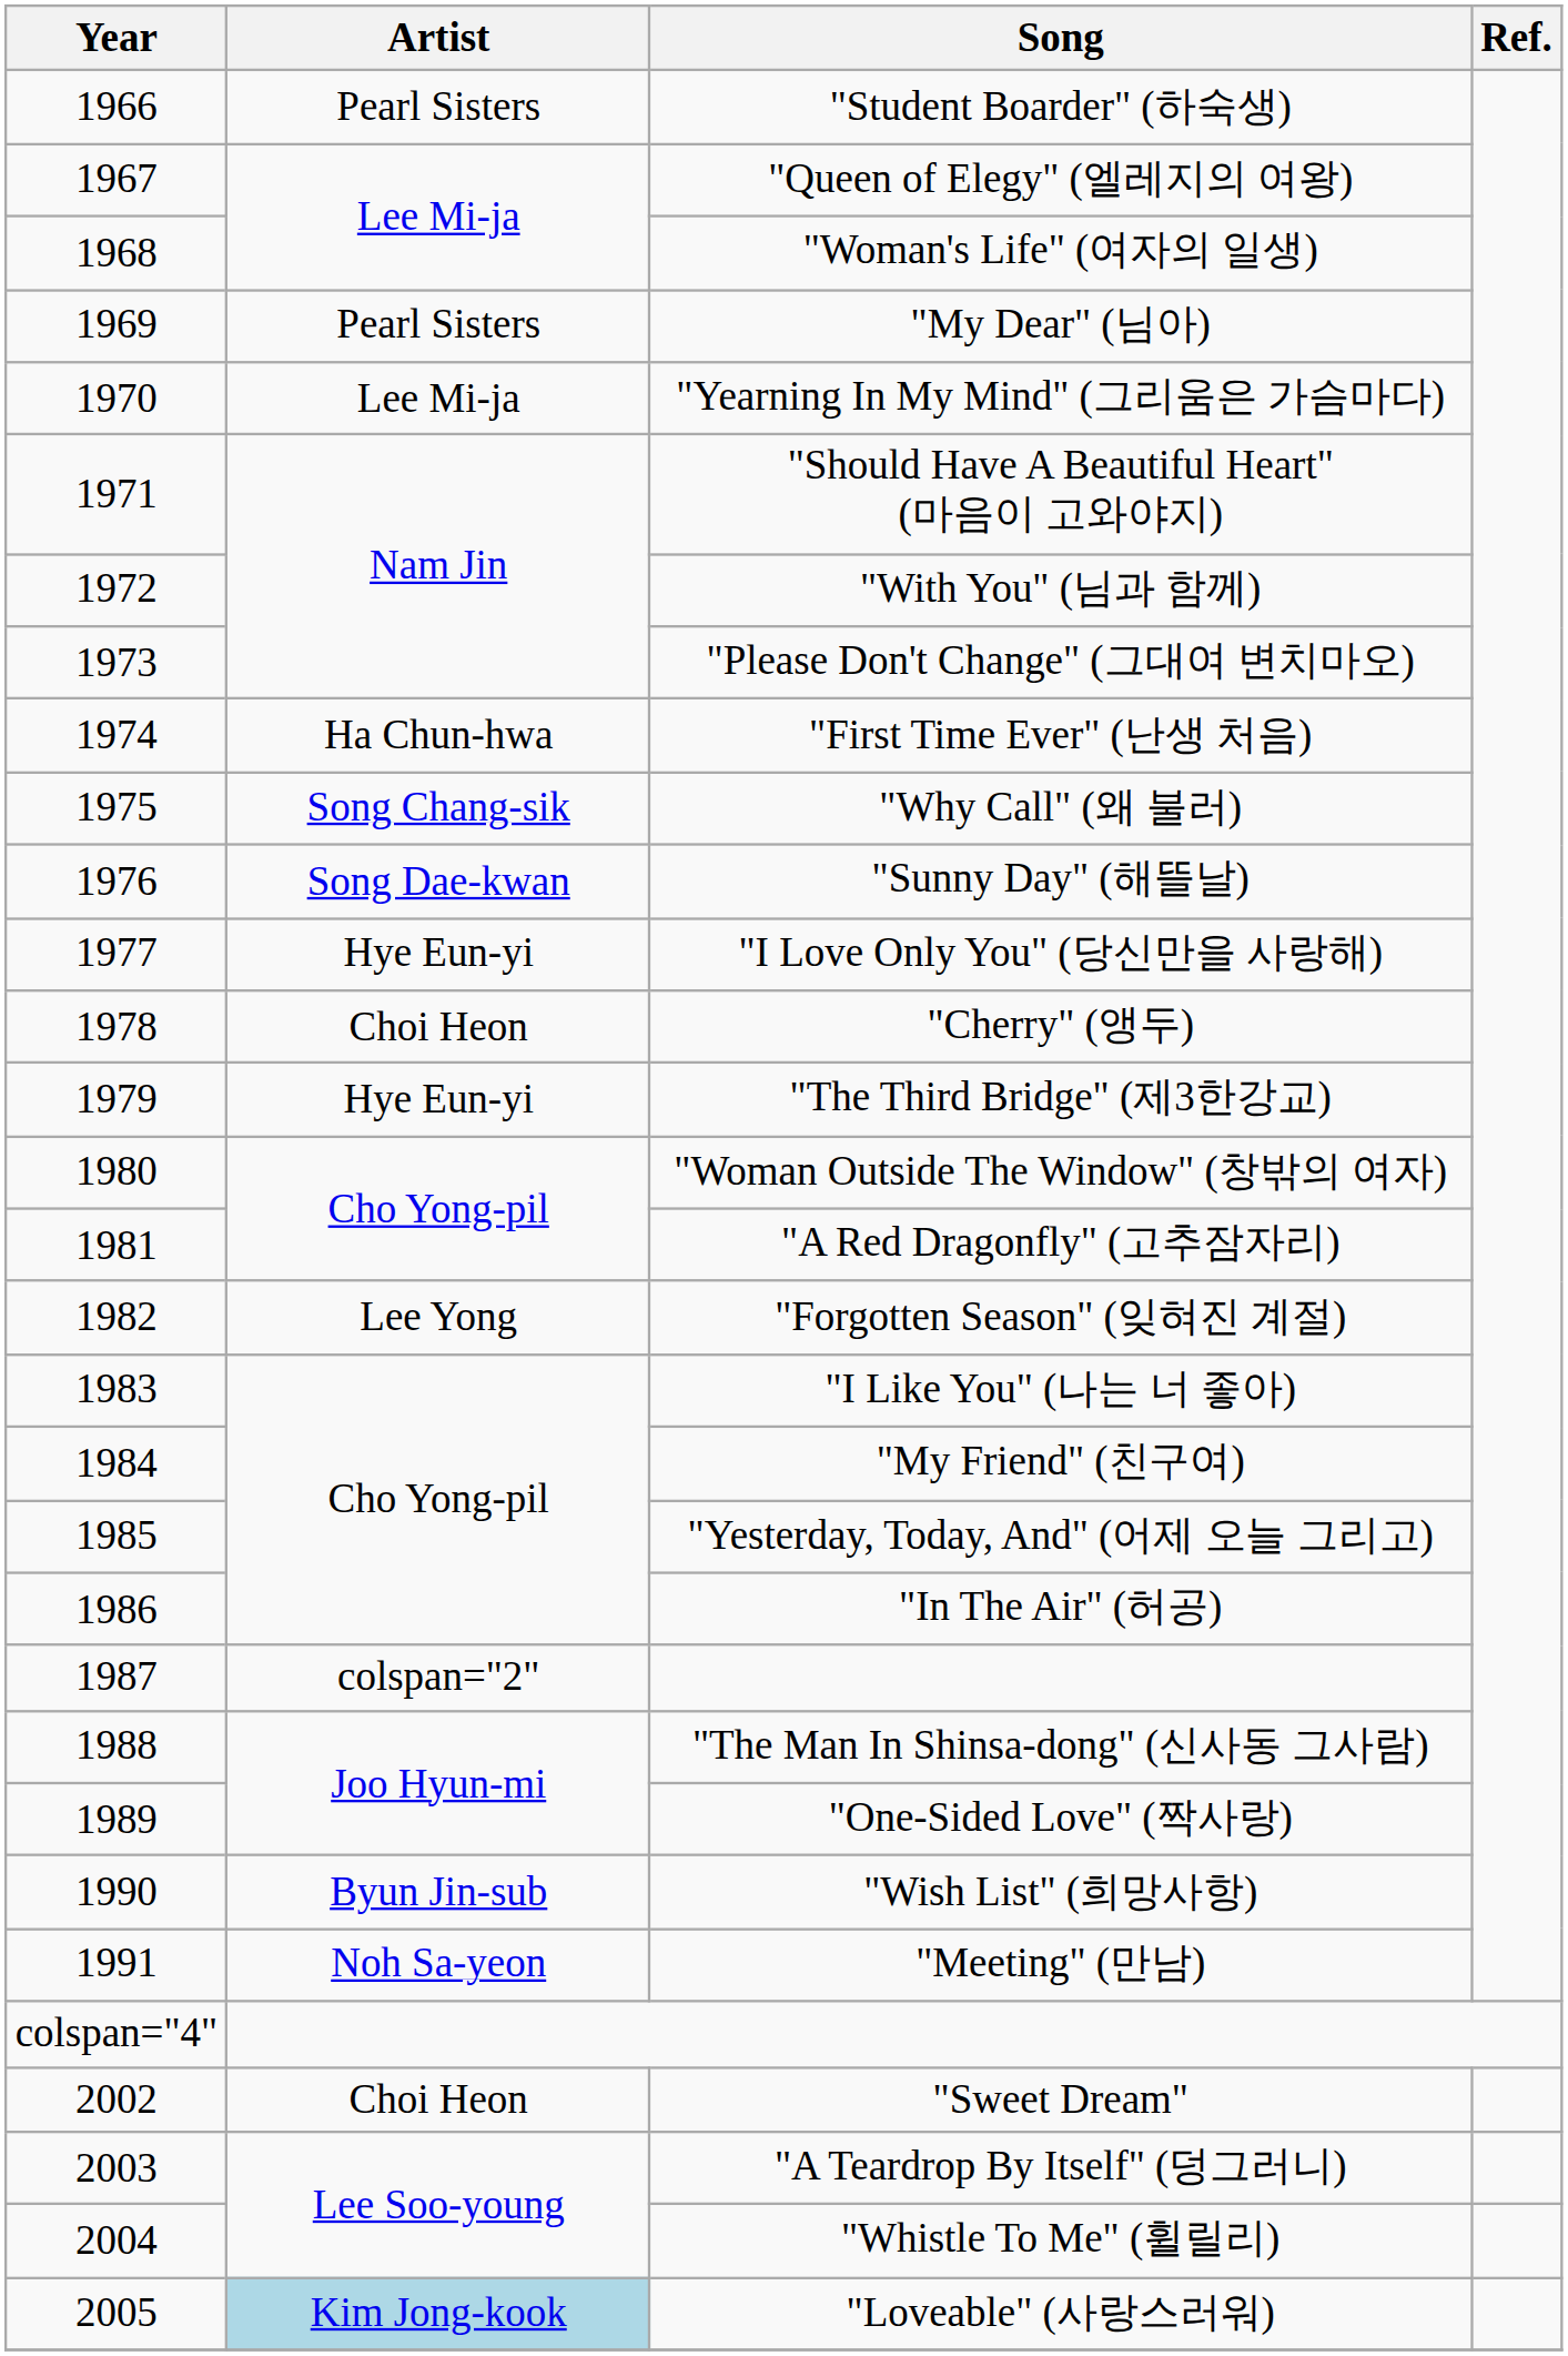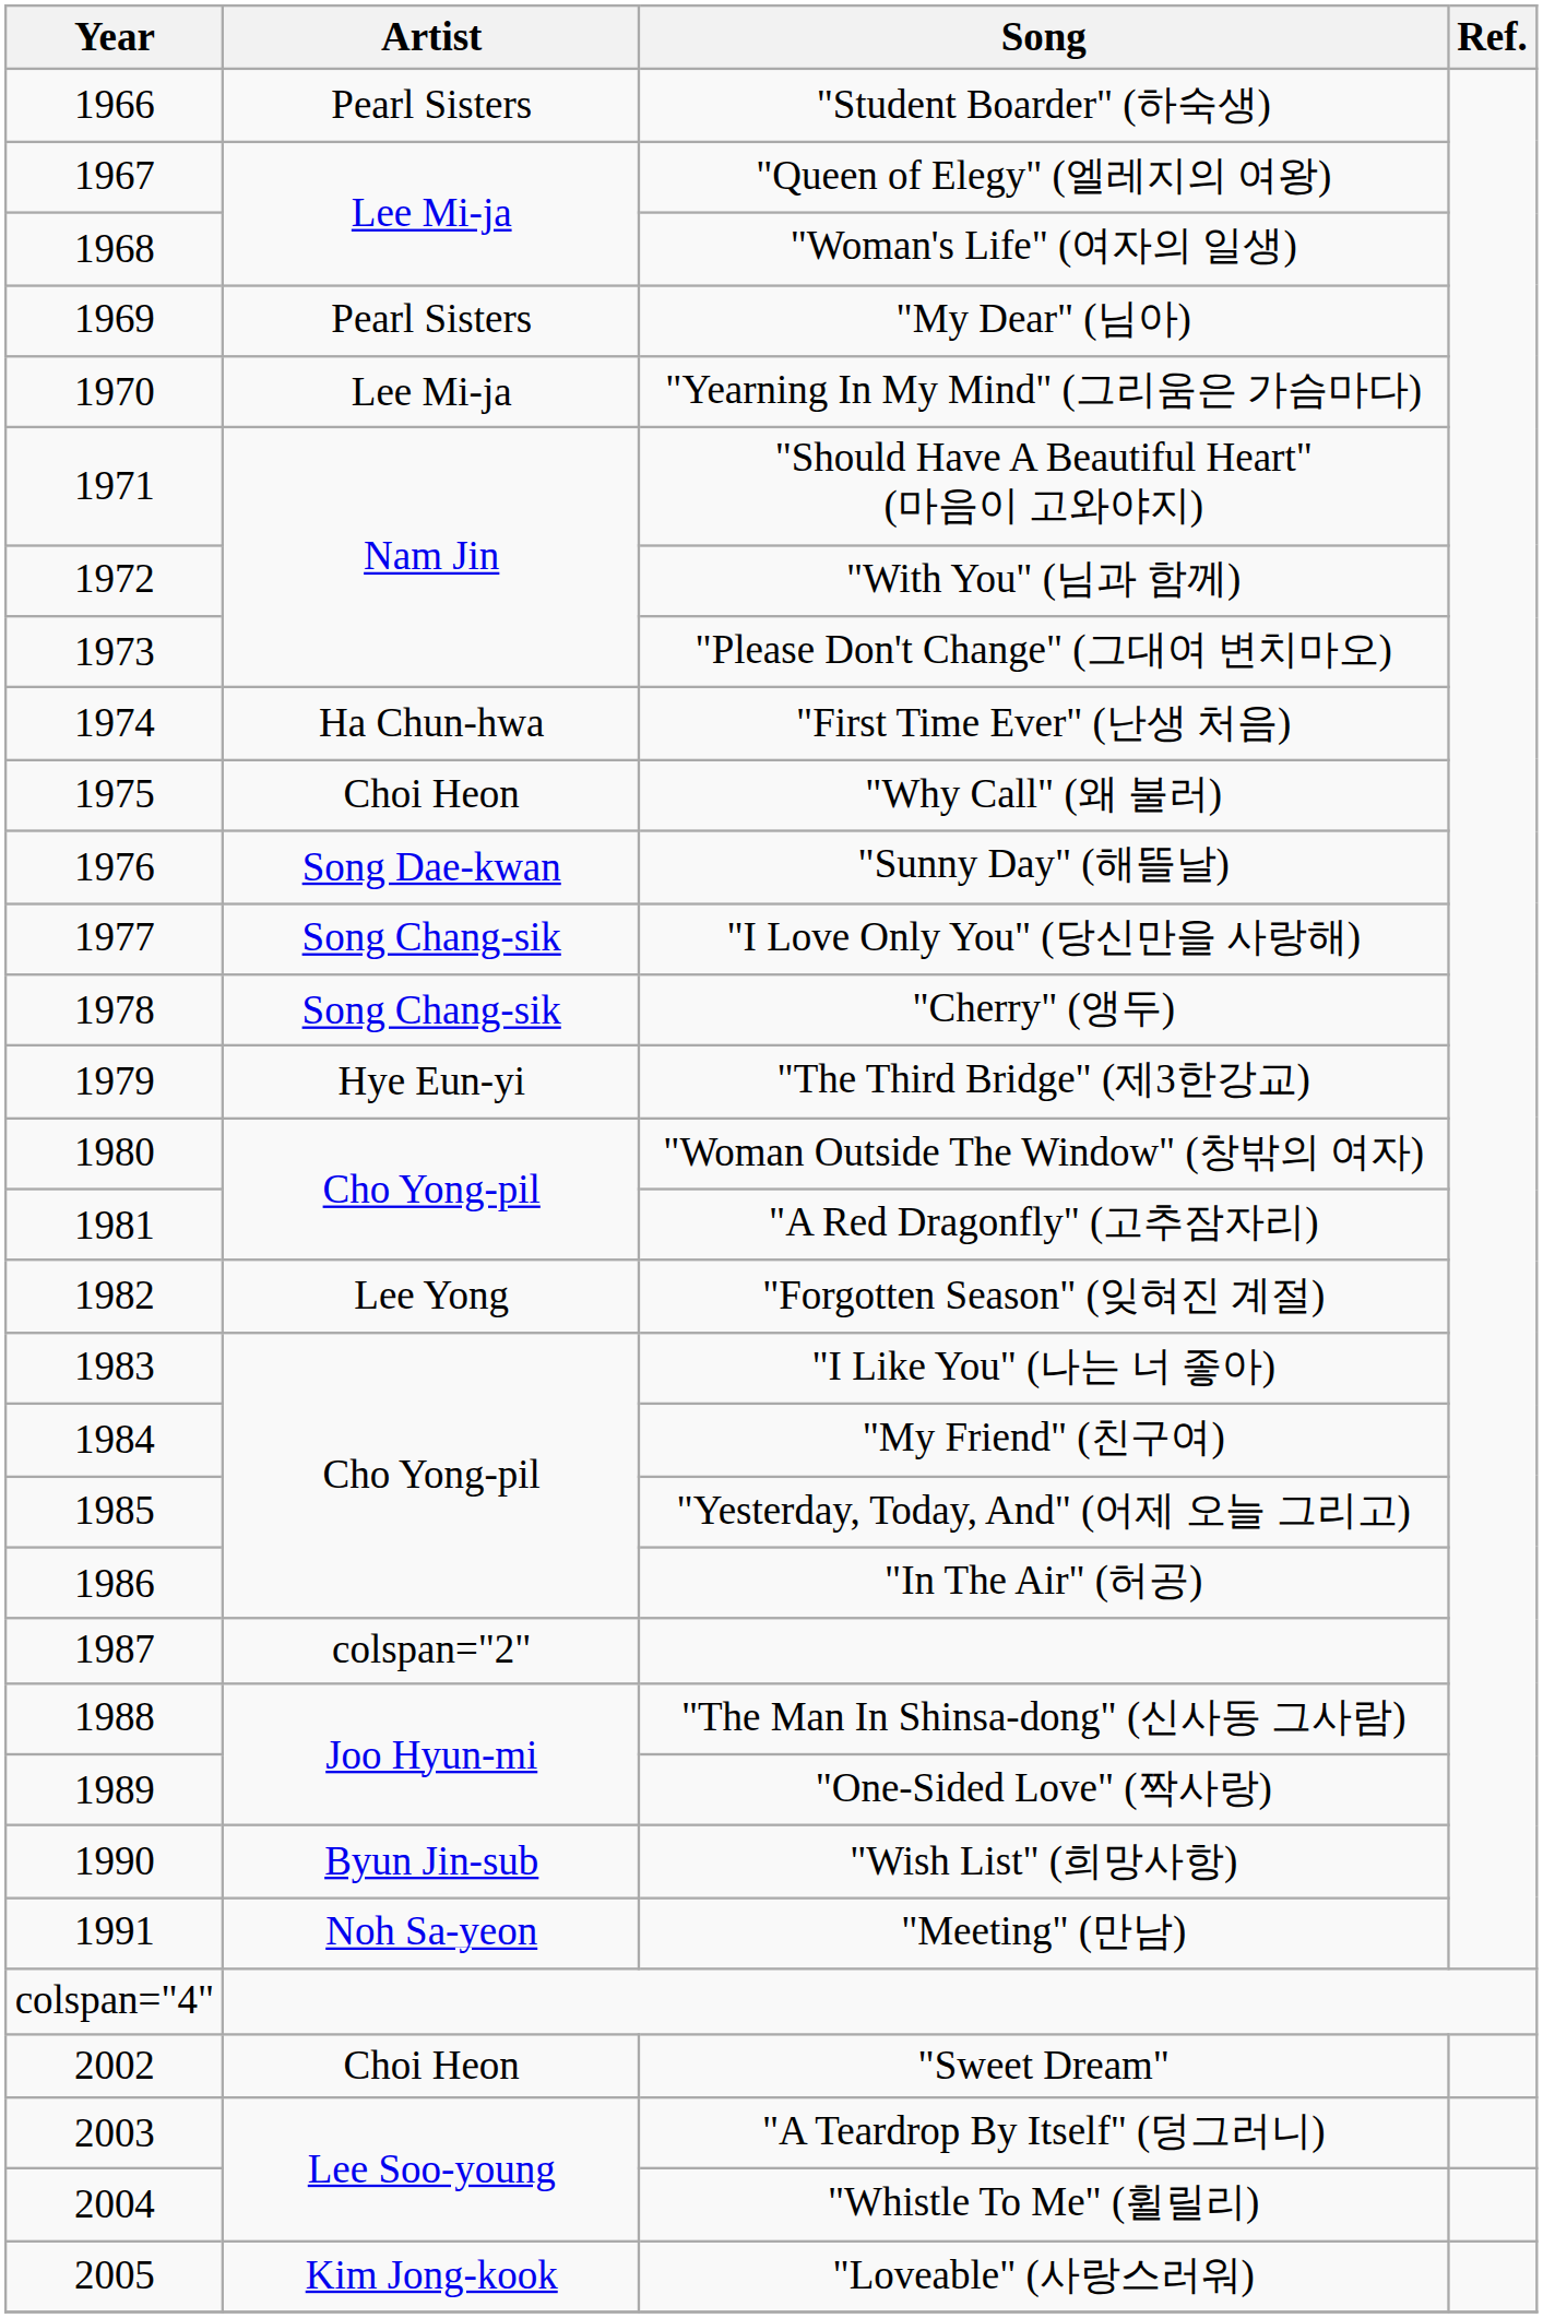 <table class="wikitable plainrowheaders" style="text-align:center;">
 <tr>
 <th style="width:2.5em">Year</th>
 <th style="width:10em">Artist</th>
 <th style="width:20em">Song</th>
 <th>Ref.</th>
 </tr>
 <tr>
 <td>1966</td>
 <td>Pearl Sisters</td>
 <td>"Student Boarder" (하숙생)</td>
 <td rowspan="26"></td>
 </tr>
 <tr>
 <td>1967</td>
 <td rowspan="2"><a href='#'>Lee Mi-ja</a></td>
 <td>"Queen of Elegy" (엘레지의 여왕)</td>
 </tr>
 <tr>
 <td>1968</td>
 <td>"Woman's Life" (여자의 일생)</td>
 </tr>
 <tr>
 <td>1969</td>
 <td>Pearl Sisters</td>
 <td>"My Dear" (님아)</td>
 </tr>
 <tr>
 <td>1970</td>
 <td>Lee Mi-ja</td>
 <td>"Yearning In My Mind" (그리움은 가슴마다)</td>
 </tr>
 <tr>
 <td>1971</td>
 <td rowspan="3"><a href='#'>Nam Jin</a></td>
 <td>"Should Have A Beautiful Heart"<br>(마음이 고와야지)</td>
 </tr>
 <tr>
 <td>1972</td>
 <td>"With You" (님과 함께)</td>
 </tr>
 <tr>
 <td>1973</td>
 <td>"Please Don't Change" (그대여 변치마오)</td>
 </tr>
 <tr>
 <td>1974</td>
 <td>Ha Chun-hwa</td>
 <td>"First Time Ever" (난생 처음)</td>
 </tr>
 <tr>
 <td>1975</td>
-<td><a href='#'>Song Chang-sik</a></td>
+<td>Choi Heon</td>
 <td>"Why Call" (왜 불러)</td>
 </tr>
 <tr>
 <td>1976</td>
 <td><a href='#'>Song Dae-kwan</a></td>
 <td>"Sunny Day" (해뜰날)</td>
 </tr>
 <tr>
 <td>1977</td>
-<td>Hye Eun-yi</td>
+<td><a href='#'>Song Chang-sik</a></td>
 <td>"I Love Only You" (당신만을 사랑해)</td>
 </tr>
 <tr>
 <td>1978</td>
-<td>Choi Heon</td>
+<td><a href='#'>Song Chang-sik</a></td>
 <td>"Cherry" (앵두)</td>
 </tr>
 <tr>
 <td>1979</td>
 <td>Hye Eun-yi</td>
 <td>"The Third Bridge" (제3한강교)</td>
 </tr>
 <tr>
 <td>1980</td>
 <td rowspan="2"><a href='#'>Cho Yong-pil</a></td>
 <td>"Woman Outside The Window" (창밖의 여자)</td>
 </tr>
 <tr>
 <td>1981</td>
 <td>"A Red Dragonfly" (고추잠자리)</td>
 </tr>
 <tr>
 <td>1982</td>
 <td>Lee Yong</td>
 <td>"Forgotten Season" (잊혀진 계절)</td>
 </tr>
 <tr>
 <td>1983</td>
 <td rowspan="4">Cho Yong-pil</td>
 <td>"I Like You" (나는 너 좋아)</td>
 </tr>
 <tr>
 <td>1984</td>
 <td>"My Friend" (친구여)</td>
 </tr>
 <tr>
 <td>1985</td>
 <td>"Yesterday, Today, And" (어제 오늘 그리고)</td>
 </tr>
 <tr>
 <td>1986</td>
 <td>"In The Air" (허공)</td>
 </tr>
 <tr>
 <td>1987</td>
 <td>colspan="2" </td>
 </tr>
 <tr>
 <td>1988</td>
 <td rowspan="2"><a href='#'>Joo Hyun-mi</a></td>
 <td>"The Man In Shinsa-dong" (신사동 그사람)</td>
 </tr>
 <tr>
 <td>1989</td>
 <td>"One-Sided Love" (짝사랑)</td>
 </tr>
 <tr>
 <td>1990</td>
 <td><a href='#'>Byun Jin-sub</a></td>
 <td>"Wish List" (희망사항)</td>
 </tr>
 <tr>
 <td>1991</td>
 <td><a href='#'>Noh Sa-yeon</a></td>
 <td>"Meeting" (만남)</td>
 </tr>
 <tr>
 <td>colspan="4" </td>
 </tr>
 <tr>
 <td>2002</td>
 <td>Choi Heon</td>
 <td>"Sweet Dream"</td>
 <td></td>
 </tr>
 <tr>
 <td>2003</td>
 <td rowspan="2"><a href='#'>Lee Soo-young</a></td>
 <td>"A Teardrop By Itself" (덩그러니)</td>
 <td></td>
 </tr>
 <tr>
 <td>2004</td>
 <td>"Whistle To Me" (휠릴리)</td>
 <td></td>
 </tr>
 <tr>
 <td>2005</td>
-<td style="background: lightblue;"><a href='#'>Kim Jong-kook</a></td>
+<td><a href='#'>Kim Jong-kook</a></td>
 <td>"Loveable" (사랑스러워)</td>
 <td></td>
 </tr>
 <tr>
 </tr>
 </table>
